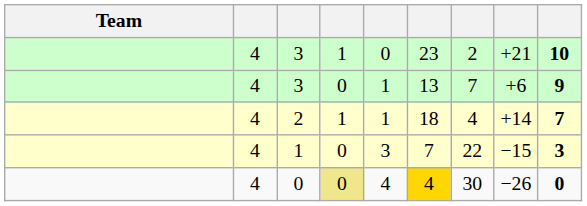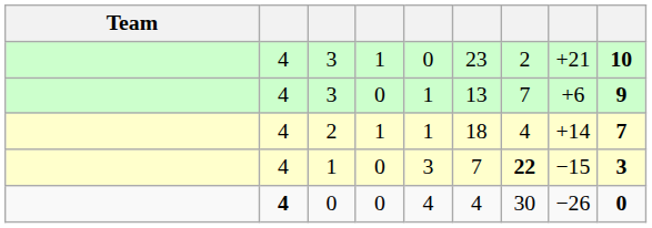 <table class="wikitable" style="text-align: center; font-size:90% ">
 <tr>
 <th width=160>Team</th>
 <th width=25></th>
 <th width=25></th>
 <th width=25></th>
 <th width=25></th>
 <th width=25></th>
 <th width=25></th>
 <th width=25></th>
 <th width=25></th>
 </tr>
 <tr bgcolor="ccffcc">
 <td align=left></td>
 <td>4</td>
 <td>3</td>
 <td>1</td>
 <td>0</td>
 <td>23</td>
 <td>2</td>
 <td>+21</td>
 <td><strong>10</strong></td>
 </tr>
 <tr bgcolor="ccffcc">
 <td align=left></td>
 <td>4</td>
 <td>3</td>
 <td>0</td>
 <td>1</td>
 <td>13</td>
 <td>7</td>
 <td>+6</td>
 <td><strong>9</strong></td>
 </tr>
 <tr bgcolor="ffffcc">
 <td align=left></td>
 <td>4</td>
 <td>2</td>
 <td>1</td>
 <td>1</td>
 <td>18</td>
 <td>4</td>
 <td>+14</td>
 <td><strong>7</strong></td>
 </tr>
 <tr bgcolor="ffffcc">
 <td align=left></td>
 <td>4</td>
 <td>1</td>
 <td>0</td>
 <td>3</td>
 <td>7</td>
-<td>22</td>
+<td><strong>22</strong></td>
 <td>−15</td>
 <td><strong>3</strong></td>
 </tr>
 <tr>
 <td align=left></td>
+<td><strong>4</strong></td>
+<td>0</td>
+<td>0</td>
 <td>4</td>
-<td>0</td>
-<td style="background: khaki;">0</td>
 <td>4</td>
-<td style="background: gold;">4</td>
 <td>30</td>
 <td>−26</td>
 <td><strong>0</strong></td>
 </tr>
 </table>
